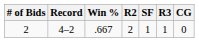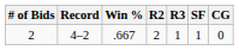 <table class="wikitable">
 <tr>
 <th># of Bids</th>
 <th>Record</th>
 <th>Win %</th>
 <th>R2</th>
+<th>R3</th>
 <th>SF</th>
-<th>R3</th>
 <th>CG</th>
 </tr>
 <tr align="center">
 <td>2</td>
 <td>4–2</td>
 <td>.667</td>
 <td>2</td>
 <td>1</td>
 <td>1</td>
 <td>0</td>
 </tr>
 </table>
